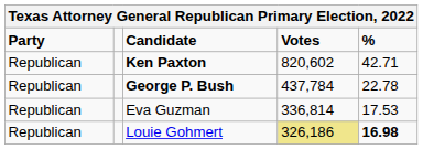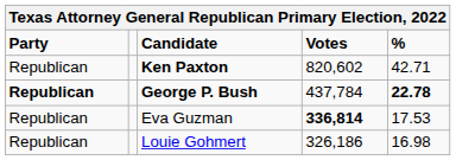 <table class="wikitable">
 <tr>
 <th colspan="5">Texas Attorney General Republican Primary Election, 2022</th>
 </tr>
 <tr>
 <td><strong>Party</strong></td>
 <td></td>
 <td><strong>Candidate</strong></td>
 <td><strong>Votes</strong></td>
 <td><strong>%</strong></td>
 </tr>
 <tr>
 <td>Republican</td>
 <td></td>
 <td><strong>Ken Paxton</strong></td>
 <td>820,602</td>
 <td>42.71</td>
 </tr>
 <tr>
-<td>Republican</td>
+<td><strong>Republican</strong></td>
 <td></td>
 <td><strong>George P. Bush</strong></td>
 <td>437,784</td>
-<td>22.78</td>
+<td><strong>22.78</strong></td>
 </tr>
 <tr>
 <td>Republican</td>
 <td></td>
 <td>Eva Guzman</td>
-<td>336,814</td>
+<td><strong>336,814</strong></td>
 <td>17.53</td>
 </tr>
 <tr>
 <td>Republican</td>
 <td></td>
 <td><a href='#'>Louie Gohmert</a></td>
-<td style="background: khaki;">326,186</td>
-<td><strong>16.98</strong></td>
+<td>326,186</td>
+<td>16.98</td>
 </tr>
 </table>
